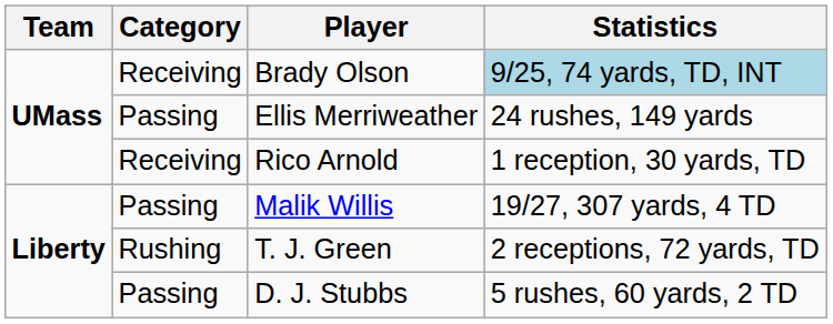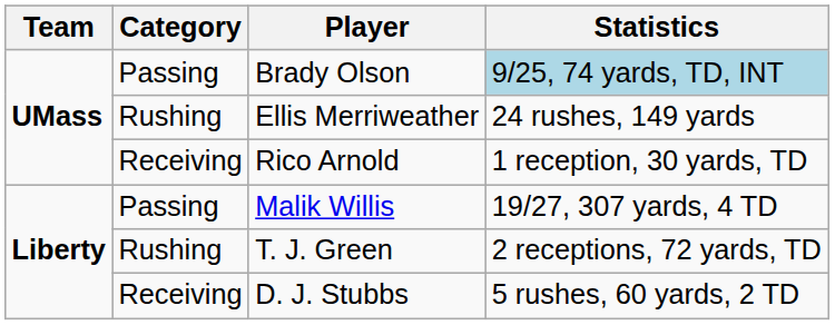 <table class="wikitable" style="float: left;">
 <tr>
 <th>Team</th>
 <th>Category</th>
 <th>Player</th>
 <th>Statistics</th>
 </tr>
 <tr>
 <td rowspan=3><strong>UMass</strong></td>
-<td>Receiving</td>
+<td>Passing</td>
 <td>Brady Olson</td>
 <td style="background: lightblue;">9/25, 74 yards, TD, INT</td>
 </tr>
 <tr>
-<td>Passing</td>
+<td>Rushing</td>
 <td>Ellis Merriweather</td>
 <td>24 rushes, 149 yards</td>
 </tr>
 <tr>
 <td>Receiving</td>
 <td>Rico Arnold</td>
 <td>1 reception, 30 yards, TD</td>
 </tr>
 <tr>
 <td rowspan=3><strong>Liberty</strong></td>
 <td>Passing</td>
 <td><a href='#'>Malik Willis</a></td>
 <td>19/27, 307 yards, 4 TD</td>
 </tr>
 <tr>
 <td>Rushing</td>
 <td>T. J. Green</td>
 <td>2 receptions, 72 yards, TD</td>
 </tr>
 <tr>
-<td>Passing</td>
+<td>Receiving</td>
 <td>D. J. Stubbs</td>
 <td>5 rushes, 60 yards, 2 TD</td>
 </tr>
 </table>
